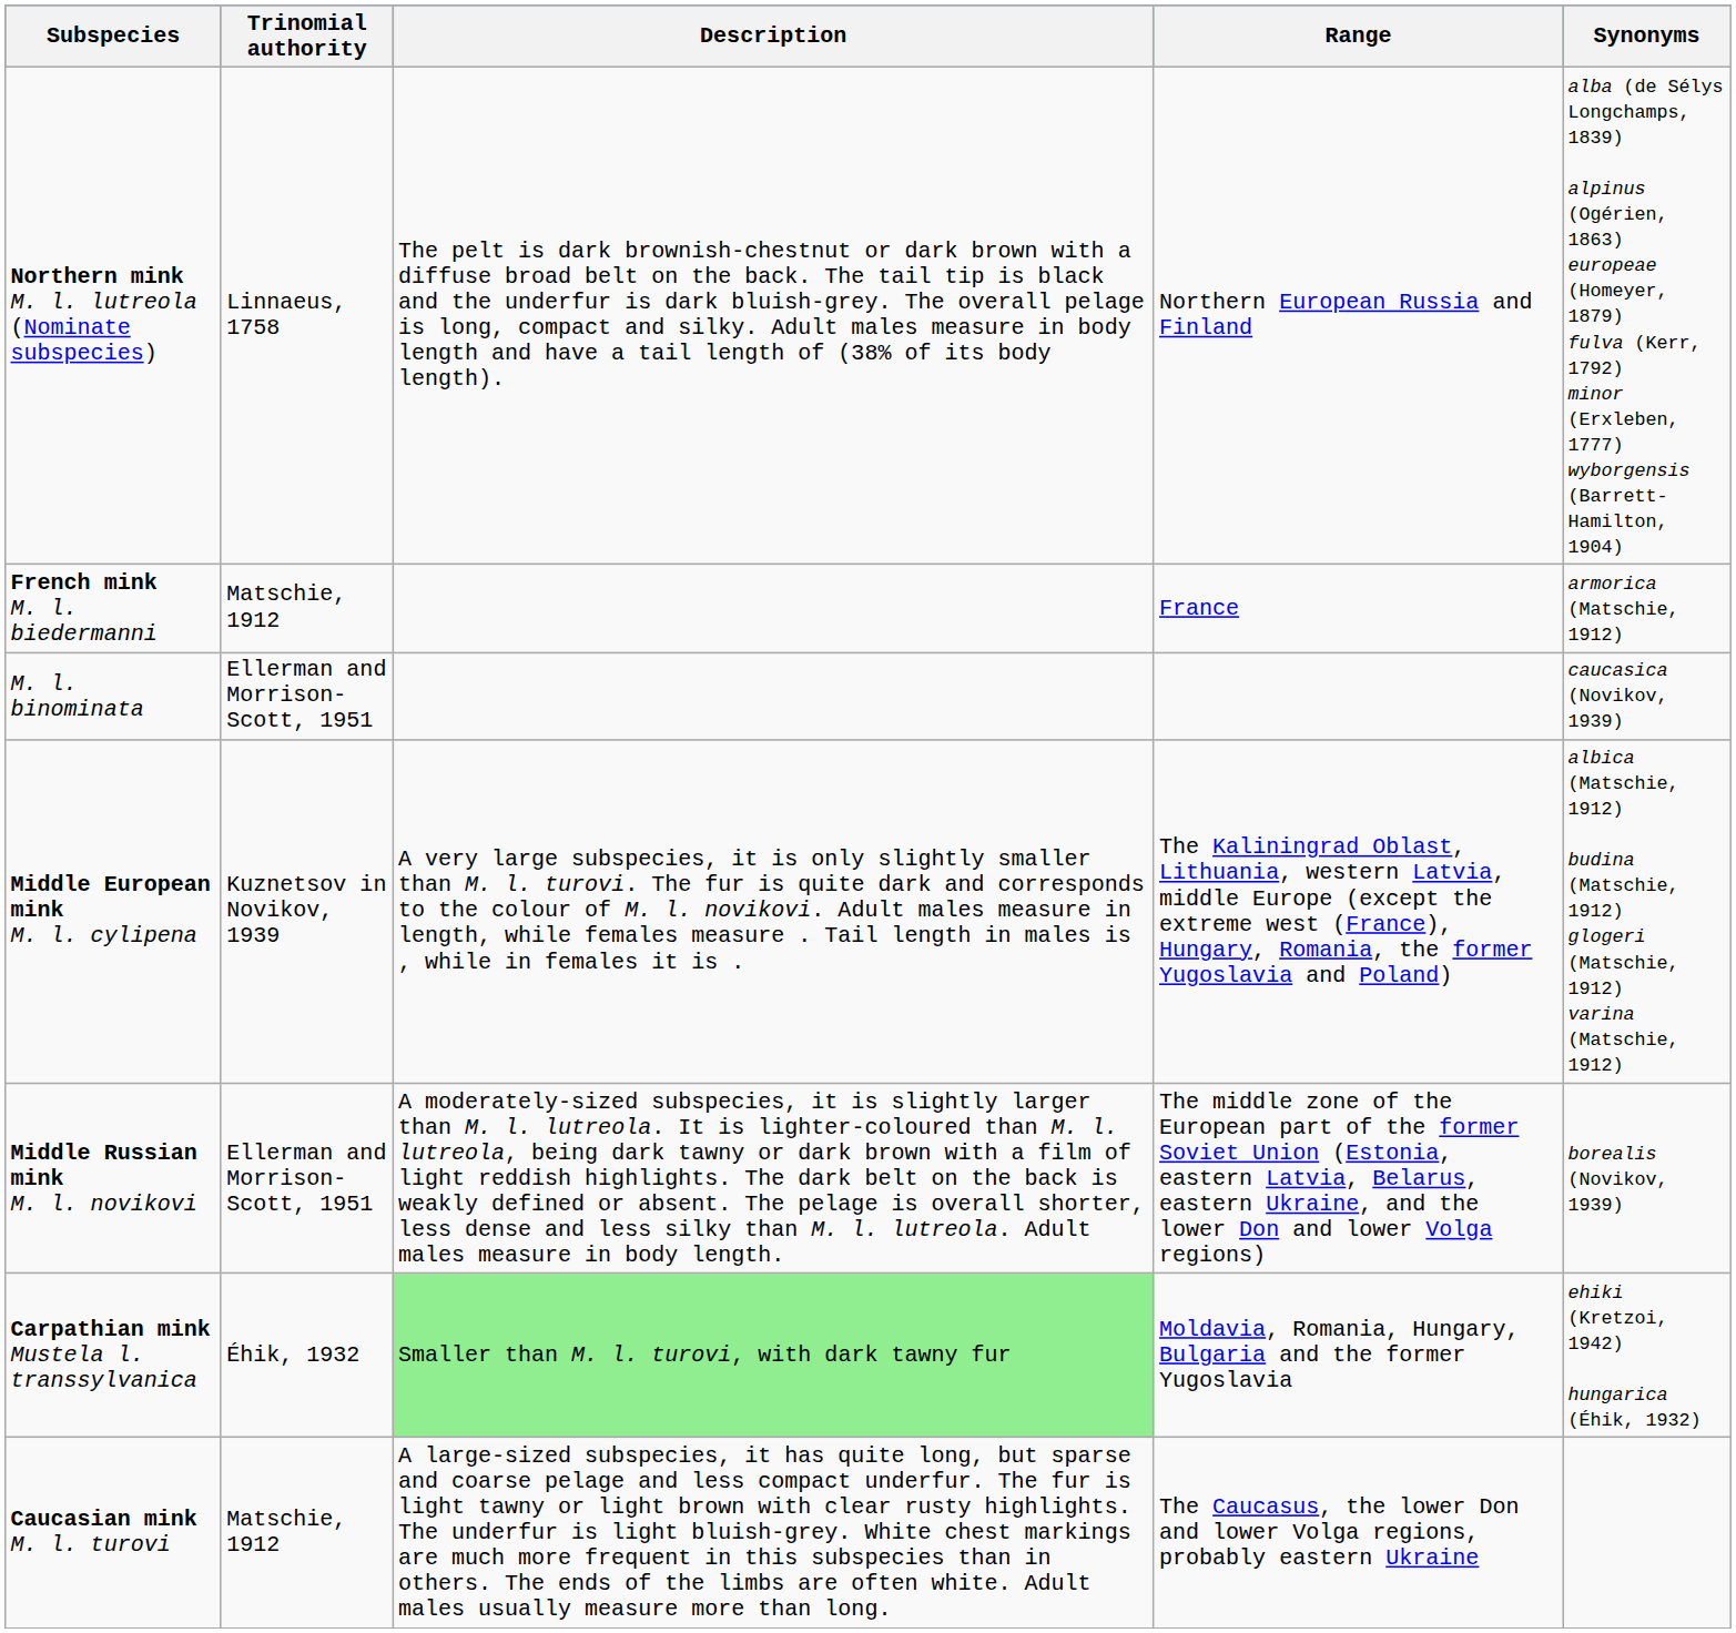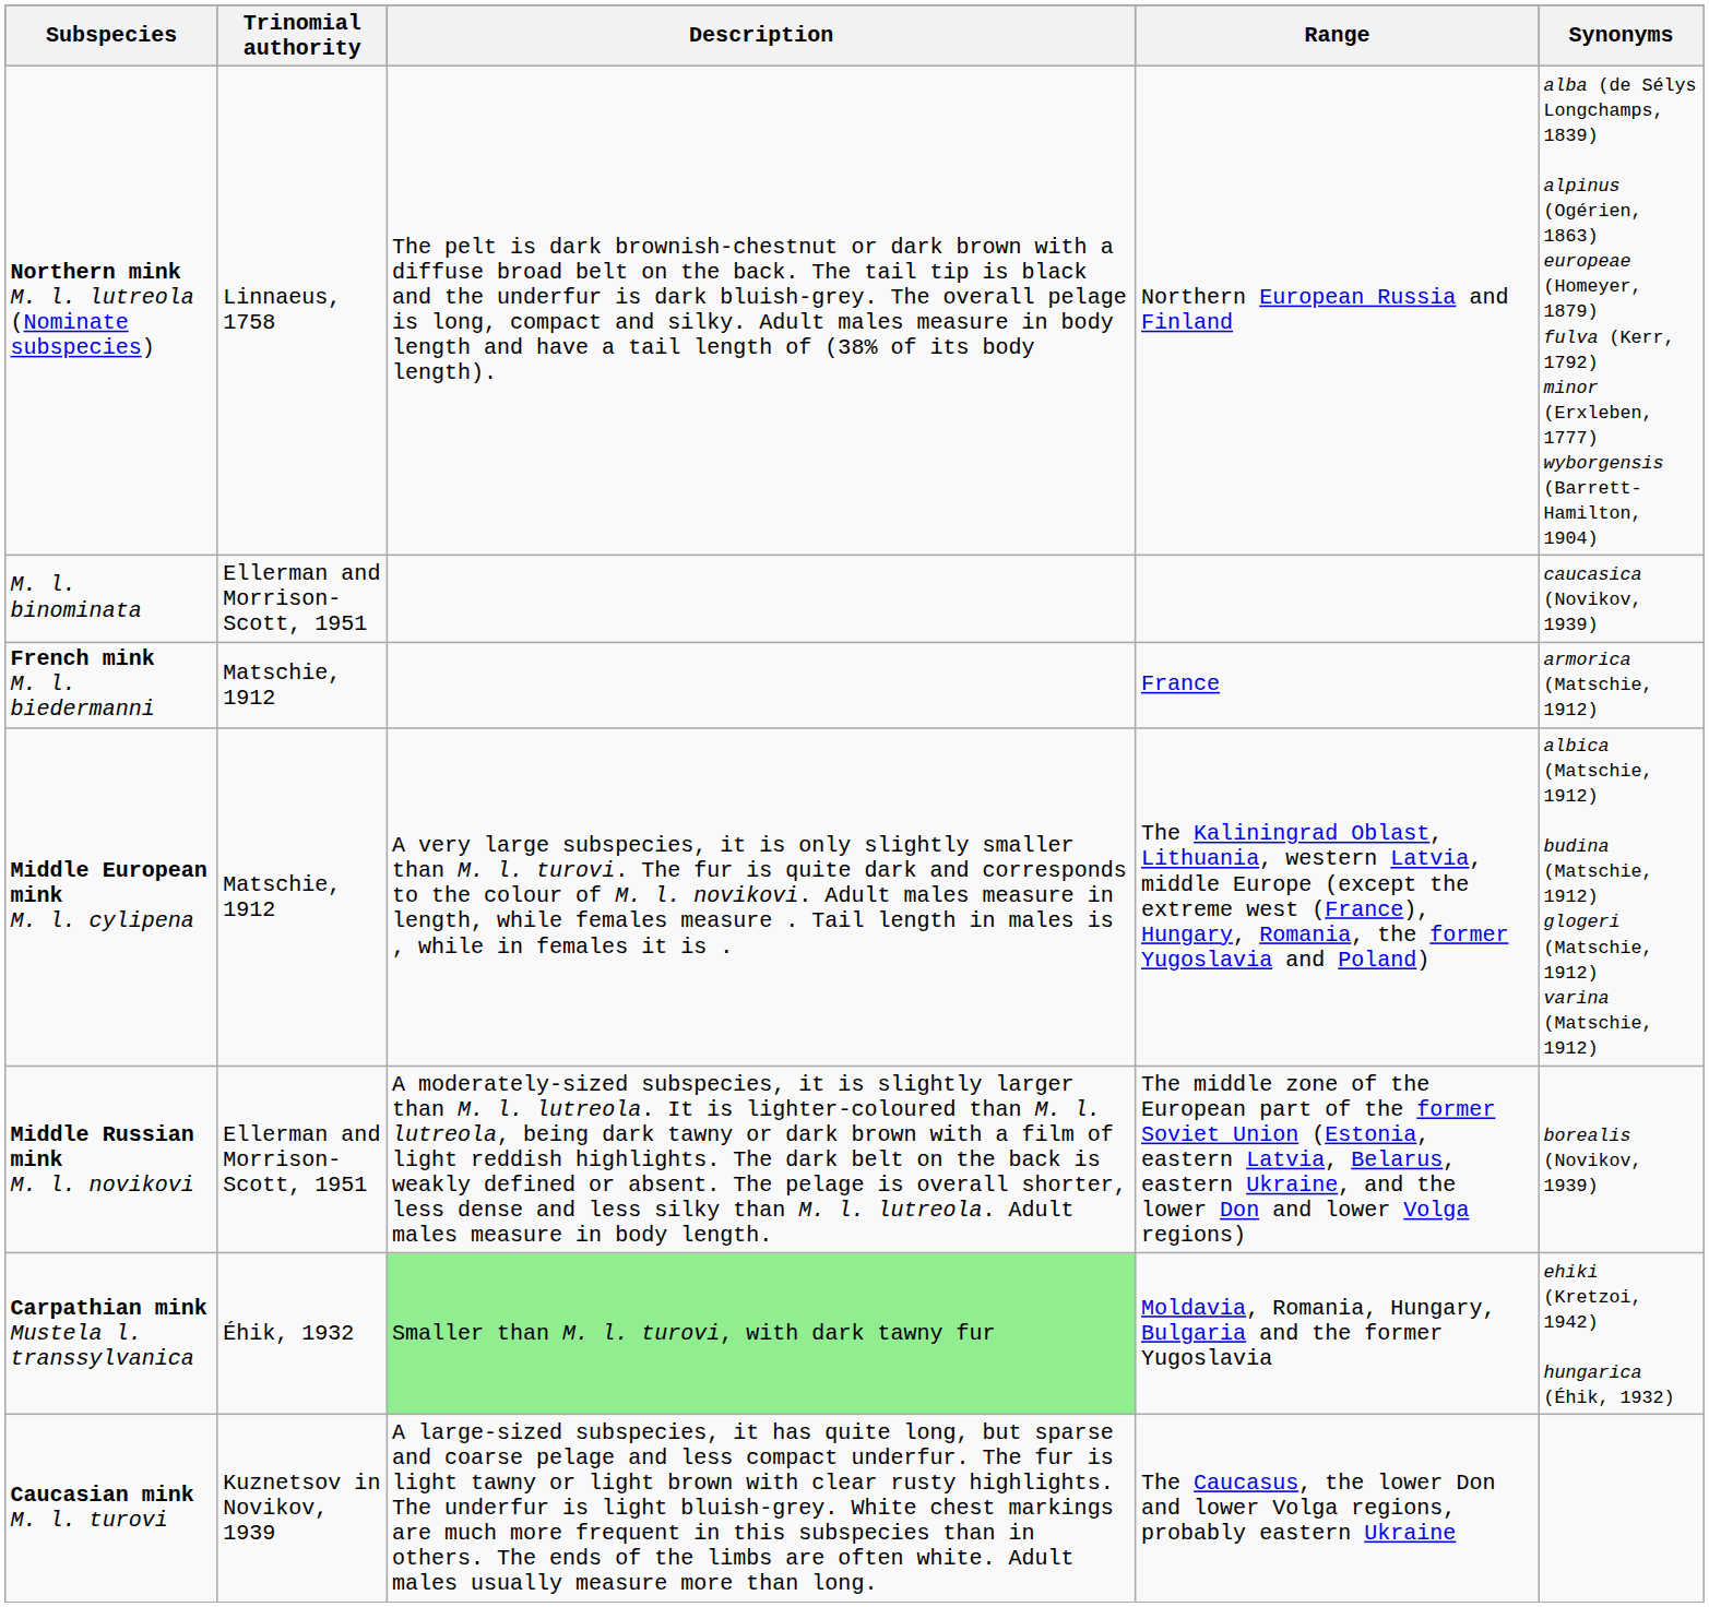 <table class="wikitable collapsible collapsed" width=80% font=90%>
 <tr bgcolor="#115a6c">
 <th>Subspecies</th>
 <th>Trinomial authority</th>
 <th>Description</th>
 <th>Range</th>
 <th>Synonyms</th>
 </tr>
 <tr --->
 <td><strong>Northern mink</strong><br><em>M. l. lutreola</em><br>(<a href='#'>Nominate subspecies</a>)</td>
 <td>Linnaeus, 1758</td>
 <td>The pelt is dark brownish-chestnut or dark brown with a diffuse broad belt on the back. The tail tip is black and the underfur is dark bluish-grey. The overall pelage is long, compact and silky. Adult males measure  in body length and have a tail length of  (38% of its body length).</td>
 <td>Northern <a href='#'>European Russia</a> and <a href='#'>Finland</a></td>
 <td><small><em>alba</em> (de Sélys Longchamps, 1839)</small><br><br><small><em>alpinus</em> (Ogérien, 1863)</small><br> <small><em>europeae</em> (Homeyer, 1879)</small><br> <small><em>fulva</em> (Kerr, 1792)</small><br> <small><em>minor</em> (Erxleben, 1777)</small><br> <small><em>wyborgensis</em> (Barrett-Hamilton, 1904)</small><br></td>
 </tr>
 <tr --->
+<td><em>M. l. binominata</em></td>
+<td>Ellerman and Morrison-Scott, 1951</td>
+<td></td>
+<td></td>
+<td><small><em>caucasica</em> (Novikov, 1939)</small></td>
+</tr>
+<tr --->
 <td><strong>French mink</strong><br><em>M. l. biedermanni</em></td>
 <td>Matschie, 1912</td>
 <td></td>
 <td><a href='#'>France</a></td>
 <td><small><em>armorica</em> (Matschie, 1912)</small></td>
 </tr>
 <tr --->
-<td><em>M. l. binominata</em></td>
-<td>Ellerman and Morrison-Scott, 1951</td>
-<td></td>
-<td></td>
-<td><small><em>caucasica</em> (Novikov, 1939)</small></td>
-</tr>
-<tr --->
 <td><strong>Middle European mink</strong><br><em>M. l. cylipena</em></td>
-<td>Kuznetsov in Novikov, 1939</td>
+<td>Matschie, 1912</td>
 <td>A very large subspecies, it is only slightly smaller than <em>M. l. turovi</em>. The fur is quite dark and corresponds to the colour of <em>M. l. novikovi</em>. Adult males measure  in length, while females measure . Tail length in males is , while in females it is .</td>
 <td>The <a href='#'>Kaliningrad Oblast</a>, <a href='#'>Lithuania</a>, western <a href='#'>Latvia</a>, middle Europe (except the extreme west (<a href='#'>France</a>), <a href='#'>Hungary</a>, <a href='#'>Romania</a>, the <a href='#'>former Yugoslavia</a> and <a href='#'>Poland</a>)</td>
 <td><small><em>albica</em> (Matschie, 1912)</small><br><br><small><em>budina</em> (Matschie, 1912)</small><br> <small><em>glogeri</em> (Matschie, 1912)</small><br> <small><em>varina</em> (Matschie, 1912)</small></td>
 </tr>
 <tr --->
 <td><strong>Middle Russian mink</strong><br><em>M. l. novikovi</em></td>
 <td>Ellerman and Morrison-Scott, 1951</td>
 <td>A moderately-sized subspecies, it is slightly larger than <em>M. l. lutreola</em>. It is lighter-coloured than <em>M. l. lutreola</em>, being dark tawny or dark brown with a film of light reddish highlights. The dark belt on the back is weakly defined or absent. The pelage is overall shorter, less dense and less silky than <em>M. l. lutreola</em>. Adult males measure  in body length.</td>
 <td>The middle zone of the European part of the <a href='#'>former Soviet Union</a> (<a href='#'>Estonia</a>, eastern <a href='#'>Latvia</a>, <a href='#'>Belarus</a>, eastern <a href='#'>Ukraine</a>, and the lower <a href='#'>Don</a> and lower <a href='#'>Volga</a> regions)</td>
 <td><small><em>borealis</em> (Novikov, 1939)</small></td>
 </tr>
 <tr --->
 <td><strong>Carpathian mink</strong><br><em>Mustela l. transsylvanica</em><br></td>
 <td>Éhik, 1932</td>
 <td style="background: lightgreen;">Smaller than <em>M. l. turovi</em>, with dark tawny fur</td>
 <td><a href='#'>Moldavia</a>, Romania, Hungary, <a href='#'>Bulgaria</a> and the former Yugoslavia</td>
 <td><small><em>ehiki</em> (Kretzoi, 1942)</small><br><br><small><em>hungarica</em> (Éhik, 1932)</small></td>
 </tr>
 <tr --->
 <td><strong>Caucasian mink</strong><br><em>M. l. turovi</em></td>
-<td>Matschie, 1912</td>
+<td>Kuznetsov in Novikov, 1939</td>
 <td>A large-sized subspecies, it has quite long, but sparse and coarse pelage and less compact underfur. The fur is light tawny or light brown with clear rusty highlights. The underfur is light bluish-grey. White chest markings are much more frequent in this subspecies than in others. The ends of the limbs are often white. Adult males usually measure more than  long.</td>
 <td>The <a href='#'>Caucasus</a>, the lower Don and lower Volga regions, probably eastern <a href='#'>Ukraine</a></td>
 <td></td>
 </tr>
 <tr --->
 </tr>
 </table>
